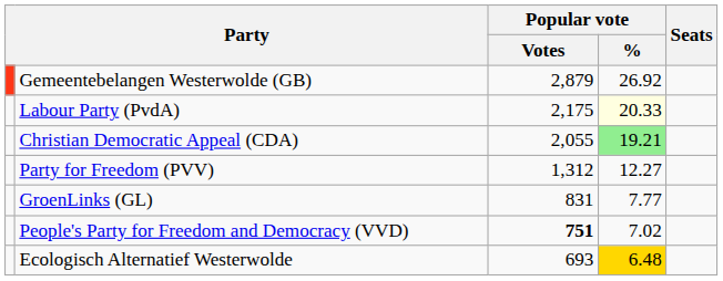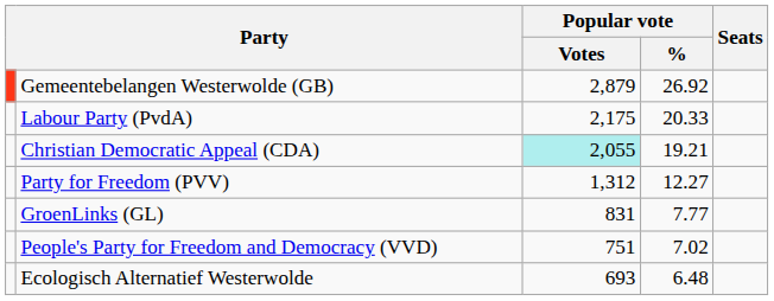 <table class="wikitable" style="text-align:right; margin-bottom:0">
 <tr>
 <th rowspan="2" colspan="2" width="400">Party</th>
 <th colspan="2">Popular vote</th>
 <th rowspan="2">Seats</th>
 </tr>
 <tr>
 <th width="85">Votes</th>
 <th width="50">%</th>
 </tr>
 <tr>
 <td width="1" style="color:inherit;background:#ff3516"></td>
 <td align="left">Gemeentebelangen Westerwolde (GB)</td>
 <td>2,879</td>
 <td>26.92</td>
 <td></td>
 </tr>
 <tr>
 <td style="color:inherit;background:"></td>
 <td align="left"><a href='#'>Labour Party</a> (PvdA)</td>
 <td>2,175</td>
-<td style="background: lightyellow;">20.33</td>
+<td>20.33</td>
 <td></td>
 </tr>
 <tr>
 <td style="color:inherit;background:"></td>
 <td align="left"><a href='#'>Christian Democratic Appeal</a> (CDA)</td>
-<td>2,055</td>
-<td style="background: lightgreen;">19.21</td>
+<td style="background: paleturquoise;">2,055</td>
+<td>19.21</td>
 <td></td>
 </tr>
 <tr>
 <td style="color:inherit;background:"></td>
 <td align="left"><a href='#'>Party for Freedom</a> (PVV)</td>
 <td>1,312</td>
 <td>12.27</td>
 <td></td>
 </tr>
 <tr>
 <td style="color:inherit;background:"></td>
 <td align="left"><a href='#'>GroenLinks</a> (GL)</td>
 <td>831</td>
 <td>7.77</td>
 <td></td>
 </tr>
 <tr>
 <td style="color:inherit;background:"></td>
 <td align="left"><a href='#'>People's Party for Freedom and Democracy</a> (VVD)</td>
-<td><strong>751</strong></td>
+<td>751</td>
 <td>7.02</td>
 <td></td>
 </tr>
 <tr>
 <td style="color:inherit;background:"></td>
 <td align="left">Ecologisch Alternatief Westerwolde</td>
 <td>693</td>
-<td style="background: gold;">6.48</td>
+<td>6.48</td>
 <td></td>
 </tr>
 </table>
